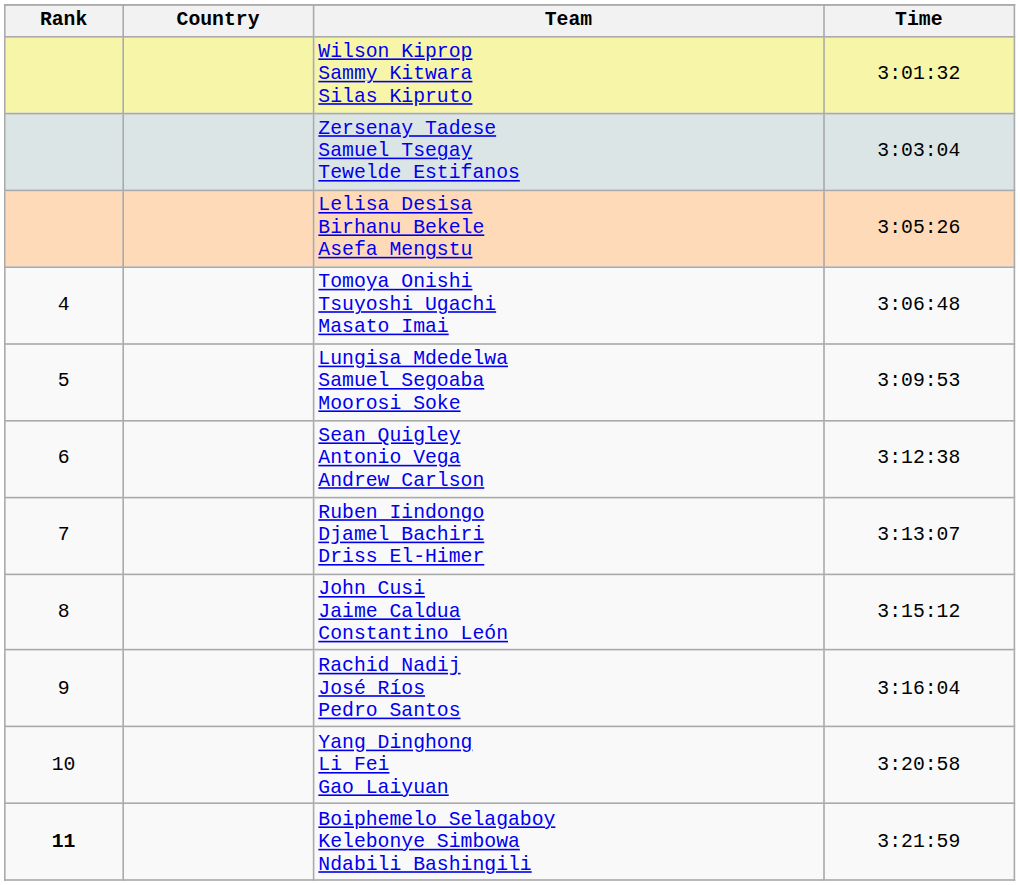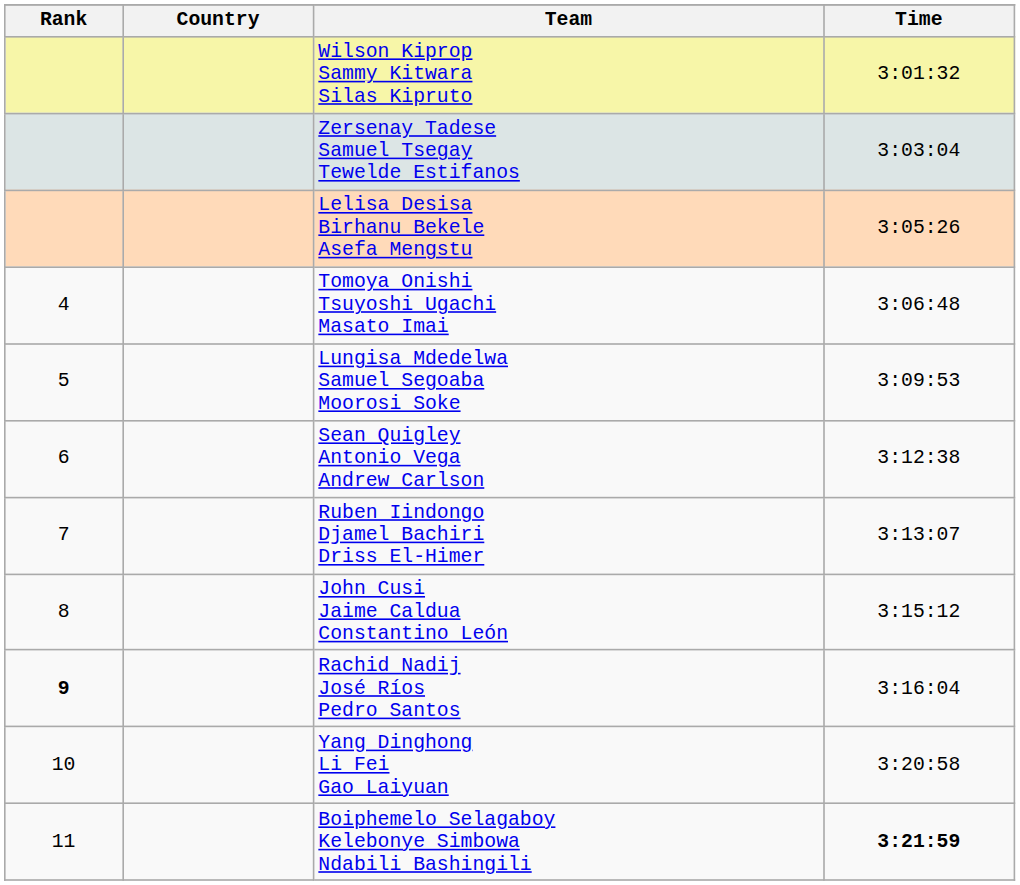 <table class="wikitable sortable" style=" text-align:center; font-size:95%;" width="50%">
 <tr>
 </tr>
 <tr>
 <th>Rank</th>
 <th>Country</th>
 <th>Team</th>
 <th>Time</th>
 </tr>
 <tr bgcolor="#F7F6A8">
 <td></td>
 <td align=left></td>
 <td align=left><a href='#'>Wilson Kiprop</a><br><a href='#'>Sammy Kitwara</a><br><a href='#'>Silas Kipruto</a></td>
 <td>3:01:32</td>
 </tr>
 <tr bgcolor="#DCE5E5">
 <td></td>
 <td align=left></td>
 <td align=left><a href='#'>Zersenay Tadese</a><br><a href='#'>Samuel Tsegay</a><br><a href='#'>Tewelde Estifanos</a></td>
 <td>3:03:04</td>
 </tr>
 <tr bgcolor="#FFDAB9">
 <td></td>
 <td align=left></td>
 <td align=left><a href='#'>Lelisa Desisa</a><br><a href='#'>Birhanu Bekele</a><br><a href='#'>Asefa Mengstu</a></td>
 <td>3:05:26</td>
 </tr>
 <tr>
 <td align=center>4</td>
 <td align=left></td>
 <td align=left><a href='#'>Tomoya Onishi</a><br><a href='#'>Tsuyoshi Ugachi</a><br><a href='#'>Masato Imai</a></td>
 <td>3:06:48</td>
 </tr>
 <tr>
 <td align=center>5</td>
 <td align=left></td>
 <td align=left><a href='#'>Lungisa Mdedelwa</a><br><a href='#'>Samuel Segoaba</a><br><a href='#'>Moorosi Soke</a></td>
 <td>3:09:53</td>
 </tr>
 <tr>
 <td align=center>6</td>
 <td align=left></td>
 <td align=left><a href='#'>Sean Quigley</a><br><a href='#'>Antonio Vega</a><br><a href='#'>Andrew Carlson</a></td>
 <td>3:12:38</td>
 </tr>
 <tr>
 <td align=center>7</td>
 <td align=left></td>
 <td align=left><a href='#'>Ruben Iindongo</a><br><a href='#'>Djamel Bachiri</a><br><a href='#'>Driss El-Himer</a></td>
 <td>3:13:07</td>
 </tr>
 <tr>
 <td align=center>8</td>
 <td align=left></td>
 <td align=left><a href='#'>John Cusi</a><br><a href='#'>Jaime Caldua</a><br><a href='#'>Constantino León</a></td>
 <td>3:15:12</td>
 </tr>
 <tr>
-<td align=center>9</td>
+<td align=center><strong>9</strong></td>
 <td align=left></td>
 <td align=left><a href='#'>Rachid Nadij</a><br><a href='#'>José Ríos</a><br><a href='#'>Pedro Santos</a></td>
 <td>3:16:04</td>
 </tr>
 <tr>
 <td align=center>10</td>
 <td align=left></td>
 <td align=left><a href='#'>Yang Dinghong</a><br><a href='#'>Li Fei</a><br><a href='#'>Gao Laiyuan</a></td>
 <td>3:20:58</td>
 </tr>
 <tr>
-<td align=center><strong>11</strong></td>
+<td align=center>11</td>
 <td align=left></td>
 <td align=left><a href='#'>Boiphemelo Selagaboy</a><br><a href='#'>Kelebonye Simbowa</a><br><a href='#'>Ndabili Bashingili</a></td>
-<td>3:21:59</td>
+<td><strong>3:21:59</strong></td>
 </tr>
 </table>
